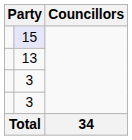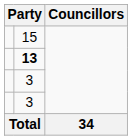 <table class="wikitable">
 <tr>
 <th colspan=2>Party</th>
 <th>Councillors</th>
 </tr>
 <tr>
 <td></td>
-<td align=center style="background: lavender;">15</td>
+<td align=center>15</td>
 </tr>
 <tr>
 <td></td>
-<td align=center>13</td>
+<td align=center><strong>13</strong></td>
 </tr>
 <tr>
 <td></td>
 <td align=center>3</td>
 </tr>
 <tr>
 <td></td>
 <td align=center>3</td>
 </tr>
 <tr>
 <th colspan=2>Total</th>
 <th align=center>34</th>
 </tr>
 </table>
